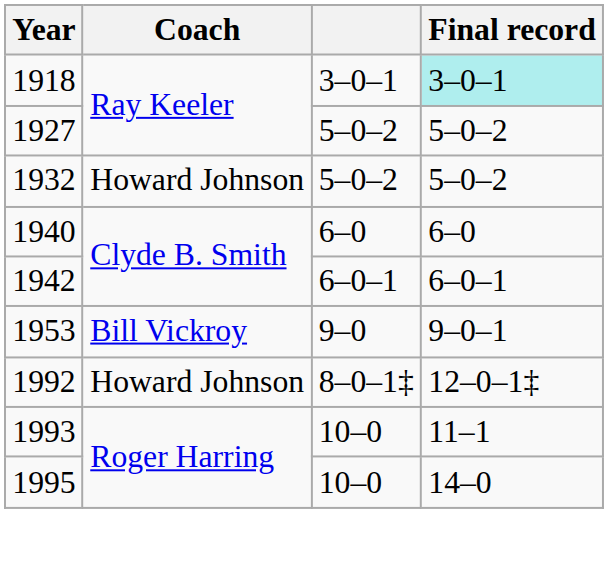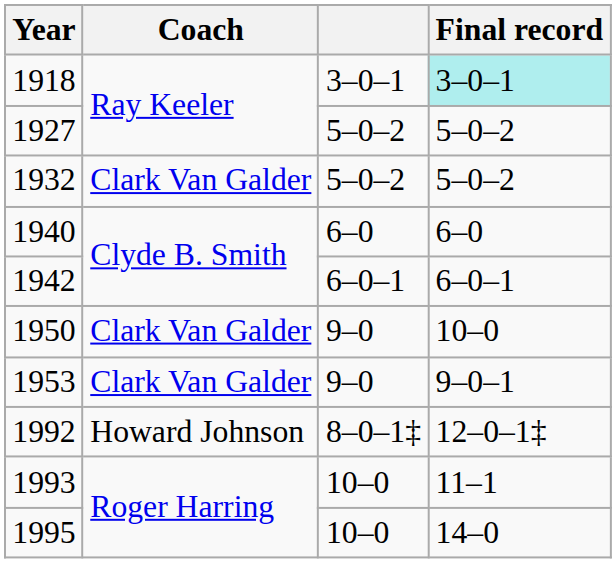 <table class="wikitable">
 <tr>
 <th width=px>Year</th>
 <th width=px>Coach</th>
 <th width=px></th>
 <th width=px>Final record</th>
 </tr>
 <tr>
 <td>1918</td>
 <td rowspan="2"><a href='#'>Ray Keeler</a></td>
 <td>3–0–1</td>
 <td style="background: paleturquoise;">3–0–1</td>
 </tr>
 <tr>
 <td>1927</td>
 <td>5–0–2</td>
 <td>5–0–2</td>
 </tr>
 <tr>
 <td>1932</td>
-<td>Howard Johnson</td>
+<td><a href='#'>Clark Van Galder</a></td>
 <td>5–0–2</td>
 <td>5–0–2</td>
 </tr>
 <tr>
 <td>1940</td>
 <td rowspan="2"><a href='#'>Clyde B. Smith</a></td>
 <td>6–0</td>
 <td>6–0</td>
 </tr>
 <tr>
 <td>1942</td>
 <td>6–0–1</td>
 <td>6–0–1</td>
 </tr>
 <tr>
+<td>1950</td>
+<td><a href='#'>Clark Van Galder</a></td>
+<td>9–0</td>
+<td>10–0</td>
+</tr>
+<tr>
 <td>1953</td>
-<td><a href='#'>Bill Vickroy</a></td>
+<td><a href='#'>Clark Van Galder</a></td>
 <td>9–0</td>
 <td>9–0–1</td>
 </tr>
 <tr>
 <td>1992</td>
 <td>Howard Johnson</td>
 <td>8–0–1‡</td>
 <td>12–0–1‡</td>
 </tr>
 <tr>
 <td>1993</td>
 <td rowspan="2"><a href='#'>Roger Harring</a></td>
 <td>10–0</td>
 <td>11–1</td>
 </tr>
 <tr>
 <td>1995</td>
 <td>10–0</td>
 <td>14–0</td>
 </tr>
 </table>
